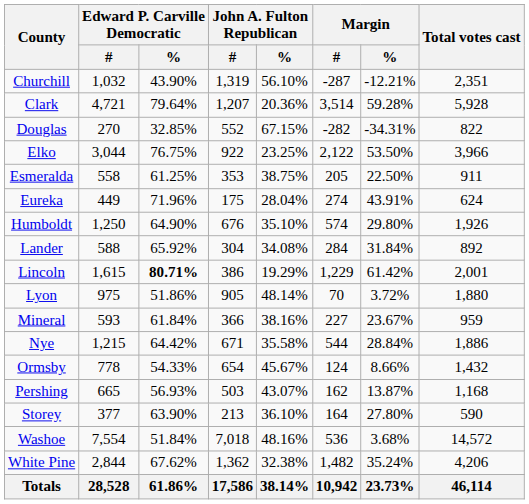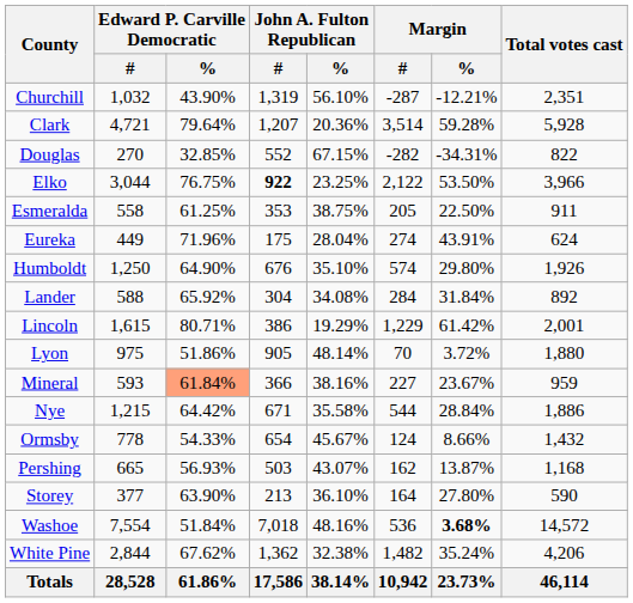 <table class="wikitable sortable" style="text-align:center">
 <tr>
 <th rowspan="2">County</th>
 <th style="text-align:center;" colspan="2">Edward P. Carville<br>Democratic</th>
 <th style="text-align:center;" colspan="2">John A. Fulton<br>Republican</th>
 <th style="text-align:center;" colspan="2">Margin</th>
 <th style="text-align:center;" rowspan="2">Total votes cast</th>
 </tr>
 <tr>
 <th style="text-align:center;" data-sort-type="number">#</th>
 <th style="text-align:center;" data-sort-type="number">%</th>
 <th style="text-align:center;" data-sort-type="number">#</th>
 <th style="text-align:center;" data-sort-type="number">%</th>
 <th style="text-align:center;" data-sort-type="number">#</th>
 <th style="text-align:center;" data-sort-type="number">%</th>
 </tr>
 <tr style="text-align:center;">
 <td><a href='#'>Churchill</a></td>
 <td>1,032</td>
 <td>43.90%</td>
 <td>1,319</td>
 <td>56.10%</td>
 <td>-287</td>
 <td>-12.21%</td>
 <td>2,351</td>
 </tr>
 <tr style="text-align:center;">
 <td><a href='#'>Clark</a></td>
 <td>4,721</td>
 <td>79.64%</td>
 <td>1,207</td>
 <td>20.36%</td>
 <td>3,514</td>
 <td>59.28%</td>
 <td>5,928</td>
 </tr>
 <tr style="text-align:center;">
 <td><a href='#'>Douglas</a></td>
 <td>270</td>
 <td>32.85%</td>
 <td>552</td>
 <td>67.15%</td>
 <td>-282</td>
 <td>-34.31%</td>
 <td>822</td>
 </tr>
 <tr style="text-align:center;">
 <td><a href='#'>Elko</a></td>
 <td>3,044</td>
 <td>76.75%</td>
-<td>922</td>
+<td><strong>922</strong></td>
 <td>23.25%</td>
 <td>2,122</td>
 <td>53.50%</td>
 <td>3,966</td>
 </tr>
 <tr style="text-align:center;">
 <td><a href='#'>Esmeralda</a></td>
 <td>558</td>
 <td>61.25%</td>
 <td>353</td>
 <td>38.75%</td>
 <td>205</td>
 <td>22.50%</td>
 <td>911</td>
 </tr>
 <tr style="text-align:center;">
 <td><a href='#'>Eureka</a></td>
 <td>449</td>
 <td>71.96%</td>
 <td>175</td>
 <td>28.04%</td>
 <td>274</td>
 <td>43.91%</td>
 <td>624</td>
 </tr>
 <tr style="text-align:center;">
 <td><a href='#'>Humboldt</a></td>
 <td>1,250</td>
 <td>64.90%</td>
 <td>676</td>
 <td>35.10%</td>
 <td>574</td>
 <td>29.80%</td>
 <td>1,926</td>
 </tr>
 <tr style="text-align:center;">
 <td><a href='#'>Lander</a></td>
 <td>588</td>
 <td>65.92%</td>
 <td>304</td>
 <td>34.08%</td>
 <td>284</td>
 <td>31.84%</td>
 <td>892</td>
 </tr>
 <tr style="text-align:center;">
 <td><a href='#'>Lincoln</a></td>
 <td>1,615</td>
-<td><strong>80.71%</strong></td>
+<td>80.71%</td>
 <td>386</td>
 <td>19.29%</td>
 <td>1,229</td>
 <td>61.42%</td>
 <td>2,001</td>
 </tr>
 <tr style="text-align:center;">
 <td><a href='#'>Lyon</a></td>
 <td>975</td>
 <td>51.86%</td>
 <td>905</td>
 <td>48.14%</td>
 <td>70</td>
 <td>3.72%</td>
 <td>1,880</td>
 </tr>
 <tr style="text-align:center;">
 <td><a href='#'>Mineral</a></td>
 <td>593</td>
-<td>61.84%</td>
+<td style="background: lightsalmon;">61.84%</td>
 <td>366</td>
 <td>38.16%</td>
 <td>227</td>
 <td>23.67%</td>
 <td>959</td>
 </tr>
 <tr style="text-align:center;">
 <td><a href='#'>Nye</a></td>
 <td>1,215</td>
 <td>64.42%</td>
 <td>671</td>
 <td>35.58%</td>
 <td>544</td>
 <td>28.84%</td>
 <td>1,886</td>
 </tr>
 <tr style="text-align:center;">
 <td><a href='#'>Ormsby</a></td>
 <td>778</td>
 <td>54.33%</td>
 <td>654</td>
 <td>45.67%</td>
 <td>124</td>
 <td>8.66%</td>
 <td>1,432</td>
 </tr>
 <tr style="text-align:center;">
 <td><a href='#'>Pershing</a></td>
 <td>665</td>
 <td>56.93%</td>
 <td>503</td>
 <td>43.07%</td>
 <td>162</td>
 <td>13.87%</td>
 <td>1,168</td>
 </tr>
 <tr style="text-align:center;">
 <td><a href='#'>Storey</a></td>
 <td>377</td>
 <td>63.90%</td>
 <td>213</td>
 <td>36.10%</td>
 <td>164</td>
 <td>27.80%</td>
 <td>590</td>
 </tr>
 <tr style="text-align:center;">
 <td><a href='#'>Washoe</a></td>
 <td>7,554</td>
 <td>51.84%</td>
 <td>7,018</td>
 <td>48.16%</td>
 <td>536</td>
-<td>3.68%</td>
+<td><strong>3.68%</strong></td>
 <td>14,572</td>
 </tr>
 <tr style="text-align:center;">
 <td><a href='#'>White Pine</a></td>
 <td>2,844</td>
 <td>67.62%</td>
 <td>1,362</td>
 <td>32.38%</td>
 <td>1,482</td>
 <td>35.24%</td>
 <td>4,206</td>
 </tr>
 <tr style="text-align:center;">
 <th>Totals</th>
 <th>28,528</th>
 <th>61.86%</th>
 <th>17,586</th>
 <th>38.14%</th>
 <th>10,942</th>
 <th>23.73%</th>
 <th>46,114</th>
 </tr>
 </table>
